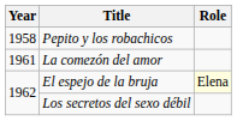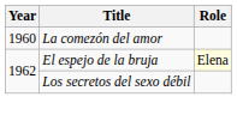 <table class="wikitable">
 <tr style="background:#b0c4de;">
 <th>Year</th>
 <th>Title</th>
 <th>Role</th>
 </tr>
 <tr>
-<td>1958</td>
-<td><em>Pepito y los robachicos</em></td>
-<td></td>
-</tr>
-<tr>
-<td>1961</td>
+<td>1960</td>
 <td><em>La comezón del amor</em></td>
 <td></td>
 </tr>
 <tr>
 <td rowspan=2>1962</td>
 <td><em>El espejo de la bruja</em></td>
 <td style="background: lightyellow;">Elena</td>
 </tr>
 <tr>
 <td><em>Los secretos del sexo débil</em></td>
 <td></td>
 </tr>
 </table>
